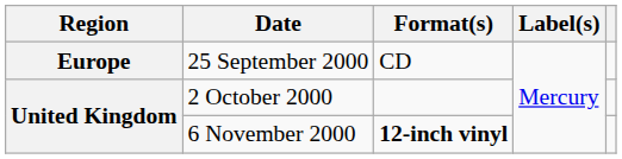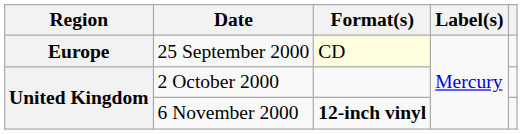 <table class="wikitable plainrowheaders">
 <tr>
 <th scope="col">Region</th>
 <th scope="col">Date</th>
 <th scope="col">Format(s)</th>
 <th scope="col">Label(s)</th>
 <th scope="col"></th>
 </tr>
 <tr>
 <th scope="row">Europe</th>
 <td>25 September 2000</td>
-<td>CD</td>
+<td style="background: lightyellow;">CD</td>
 <td rowspan="3"><a href='#'>Mercury</a></td>
 <td></td>
 </tr>
 <tr>
 <th scope="row" rowspan="2">United Kingdom</th>
 <td>2 October 2000</td>
 <td></td>
 <td></td>
 </tr>
 <tr>
 <td>6 November 2000</td>
 <td><strong>12-inch vinyl</strong></td>
 <td></td>
 </tr>
 </table>
